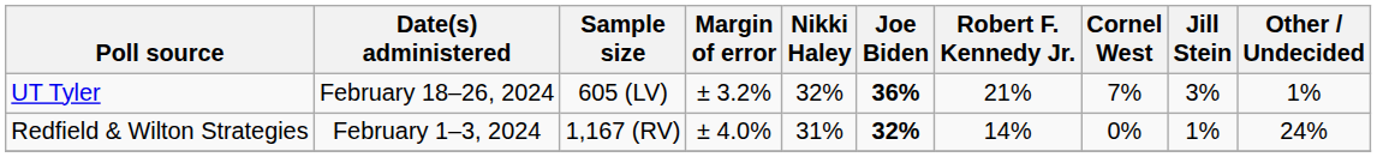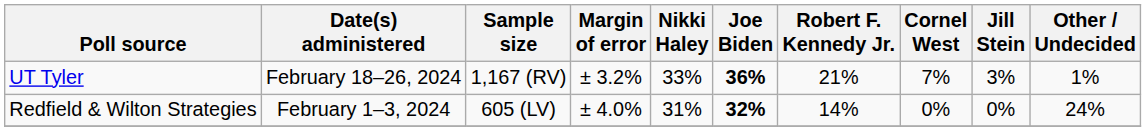 <table class="wikitable sortable mw-datatable" style="font-size:90%;text-align:center;line-height:17px">
 <tr style="vertical-align:bottom">
 <th>Poll source</th>
 <th>Date(s)<br>administered</th>
 <th>Sample<br>size</th>
 <th>Margin<br>of error</th>
 <th class="unsortable">Nikki<br>Haley<br></th>
 <th class="unsortable">Joe<br>Biden<br></th>
 <th class="unsortable">Robert F.<br>Kennedy Jr.<br></th>
 <th class="unsortable">Cornel<br>West<br></th>
 <th class="unsortable">Jill<br>Stein<br></th>
 <th class="unsortable">Other /<br>Undecided</th>
 </tr>
 <tr>
 <td style="text-align:left;"><a href='#'>UT Tyler</a></td>
 <td data-sort-value="2024-02-26">February 18–26, 2024</td>
-<td>605 (LV)</td>
+<td>1,167 (RV)</td>
 <td>± 3.2%</td>
-<td>32%</td>
+<td>33%</td>
 <td style="color:black;background-color:"><strong>36%</strong></td>
 <td>21%</td>
 <td>7%</td>
 <td>3%</td>
 <td>1%</td>
 </tr>
 <tr>
 <td style="text-align:left;">Redfield & Wilton Strategies</td>
 <td>February 1–3, 2024</td>
-<td>1,167 (RV)</td>
+<td>605 (LV)</td>
 <td>± 4.0%</td>
 <td>31%</td>
 <td style="color:black;background-color:"><strong>32%</strong></td>
 <td>14%</td>
 <td>0%</td>
-<td>1%</td>
+<td>0%</td>
 <td>24%</td>
 </tr>
 <tr>
 </tr>
 </table>
